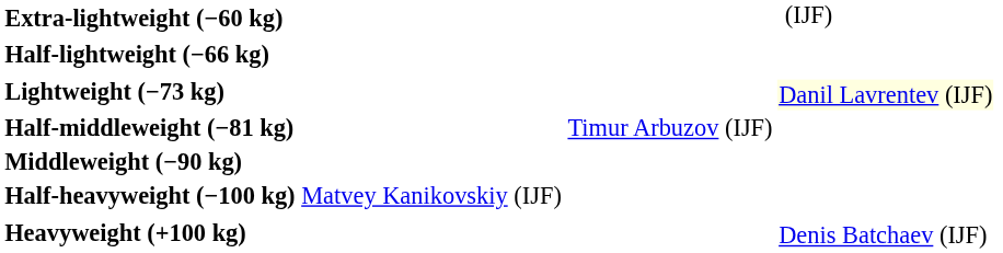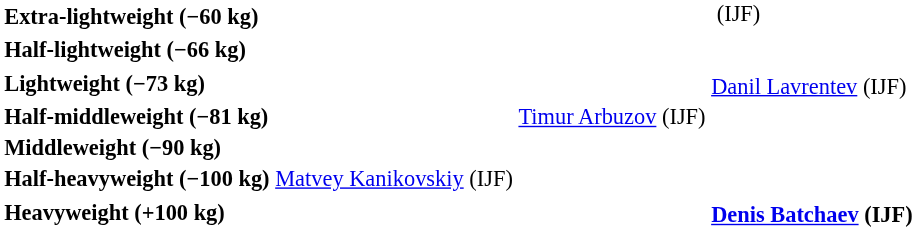 <table>
 <tr>
 <th rowspan=2 style="text-align:left;">Extra-lightweight (−60 kg)</th>
 <td rowspan=2></td>
 <td rowspan=2></td>
 <td>  <span>(<abbr>IJF</abbr>)</span></td>
 </tr>
 <tr>
 <td></td>
 </tr>
 <tr>
 <th rowspan=2 style="text-align:left;">Half-lightweight (−66 kg)</th>
 <td rowspan=2></td>
 <td rowspan=2></td>
 <td></td>
 </tr>
 <tr>
 <td></td>
 </tr>
 <tr>
 <th rowspan=2 style="text-align:left;">Lightweight (−73 kg)</th>
 <td rowspan=2></td>
 <td rowspan=2></td>
 <td></td>
 </tr>
 <tr>
-<td style="background: lightyellow;"> <a href='#'>Danil Lavrentev</a> <span>(<abbr>IJF</abbr>)</span></td>
+<td> <a href='#'>Danil Lavrentev</a> <span>(<abbr>IJF</abbr>)</span></td>
 </tr>
 <tr>
 <th rowspan=2 style="text-align:left;">Half-middleweight (−81 kg)</th>
 <td rowspan=2></td>
 <td rowspan=2> <a href='#'>Timur Arbuzov</a> <span>(<abbr>IJF</abbr>)</span></td>
 <td></td>
 </tr>
 <tr>
 <td></td>
 </tr>
 <tr>
 <th rowspan=2 style="text-align:left;">Middleweight (−90 kg)</th>
 <td rowspan=2></td>
 <td rowspan=2></td>
 <td></td>
 </tr>
 <tr>
 <td></td>
 </tr>
 <tr>
 <th rowspan=2 style="text-align:left;">Half-heavyweight (−100 kg)</th>
 <td rowspan=2> <a href='#'>Matvey Kanikovskiy</a> <span>(<abbr>IJF</abbr>)</span></td>
 <td rowspan=2></td>
 <td></td>
 </tr>
 <tr>
 <td></td>
 </tr>
 <tr>
 <th rowspan=2 style="text-align:left;">Heavyweight (+100 kg)</th>
 <td rowspan=2></td>
 <td rowspan=2></td>
 <td></td>
 </tr>
 <tr>
-<td> <a href='#'>Denis Batchaev</a> <span>(<abbr>IJF</abbr>)</span></td>
+<td><strong> <a href='#'>Denis Batchaev</a> <span>(<abbr>IJF</abbr>)</span></strong></td>
 </tr>
 </table>
